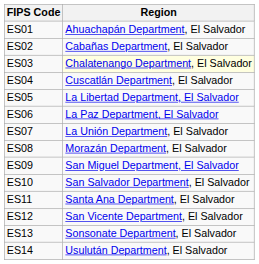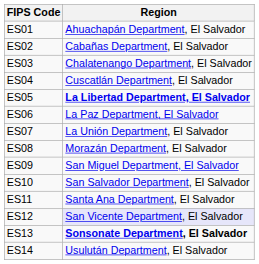 <table class="wikitable">
 <tr>
 <th>FIPS Code</th>
 <th>Region</th>
 </tr>
 <tr>
 <td>ES01</td>
 <td><a href='#'>Ahuachapán Department</a>, El Salvador</td>
 </tr>
 <tr>
 <td>ES02</td>
 <td><a href='#'>Cabañas Department</a>, El Salvador</td>
 </tr>
 <tr>
 <td>ES03</td>
-<td style="background: lightyellow;"><a href='#'>Chalatenango Department</a>, El Salvador</td>
+<td><a href='#'>Chalatenango Department</a>, El Salvador</td>
 </tr>
 <tr>
 <td>ES04</td>
 <td><a href='#'>Cuscatlán Department</a>, El Salvador</td>
 </tr>
 <tr>
 <td>ES05</td>
-<td><a href='#'>La Libertad Department, El Salvador</a></td>
+<td><strong><a href='#'>La Libertad Department, El Salvador</a></strong></td>
 </tr>
 <tr>
 <td>ES06</td>
 <td><a href='#'>La Paz Department, El Salvador</a></td>
 </tr>
 <tr>
 <td>ES07</td>
 <td><a href='#'>La Unión Department</a>, El Salvador</td>
 </tr>
 <tr>
 <td>ES08</td>
 <td><a href='#'>Morazán Department</a>, El Salvador</td>
 </tr>
 <tr>
 <td>ES09</td>
 <td><a href='#'>San Miguel Department, El Salvador</a></td>
 </tr>
 <tr>
 <td>ES10</td>
 <td><a href='#'>San Salvador Department</a>, El Salvador</td>
 </tr>
 <tr>
 <td>ES11</td>
 <td><a href='#'>Santa Ana Department</a>, El Salvador</td>
 </tr>
 <tr>
 <td>ES12</td>
-<td><a href='#'>San Vicente Department</a>, El Salvador</td>
+<td style="background: lavender;"><a href='#'>San Vicente Department</a>, El Salvador</td>
 </tr>
 <tr>
 <td>ES13</td>
-<td><a href='#'>Sonsonate Department</a>, El Salvador</td>
+<td><strong><a href='#'>Sonsonate Department</a>, El Salvador</strong></td>
 </tr>
 <tr>
 <td>ES14</td>
 <td><a href='#'>Usulután Department</a>, El Salvador</td>
 </tr>
 </table>
